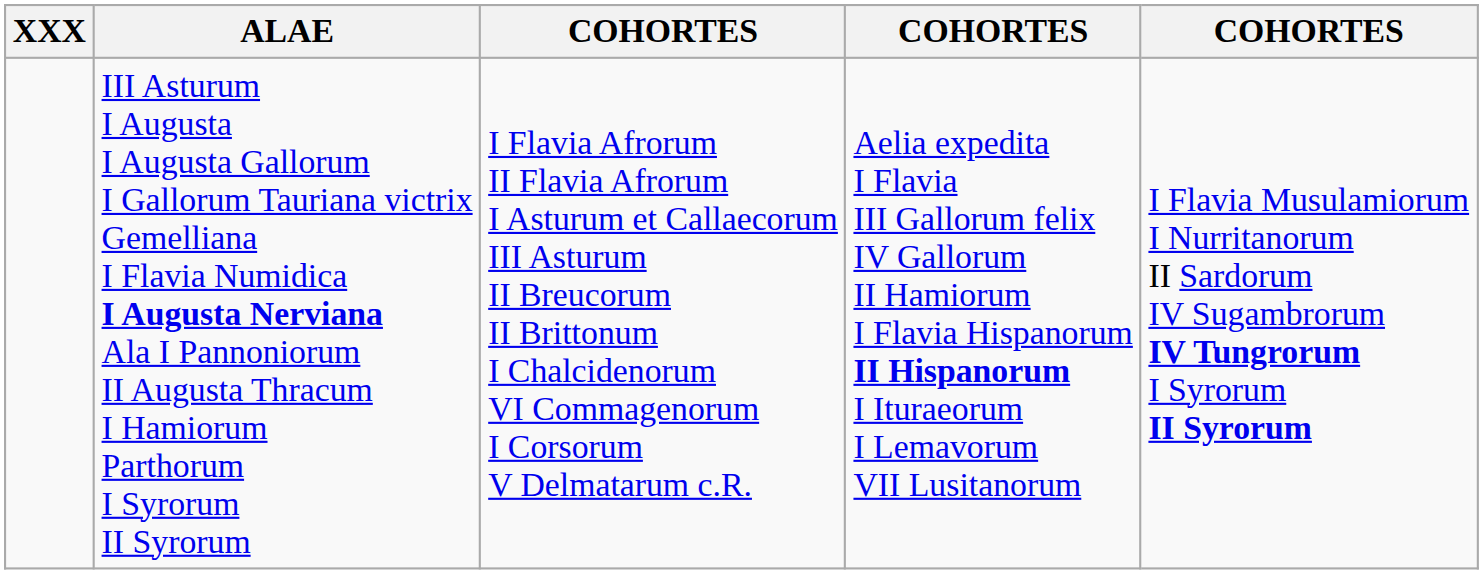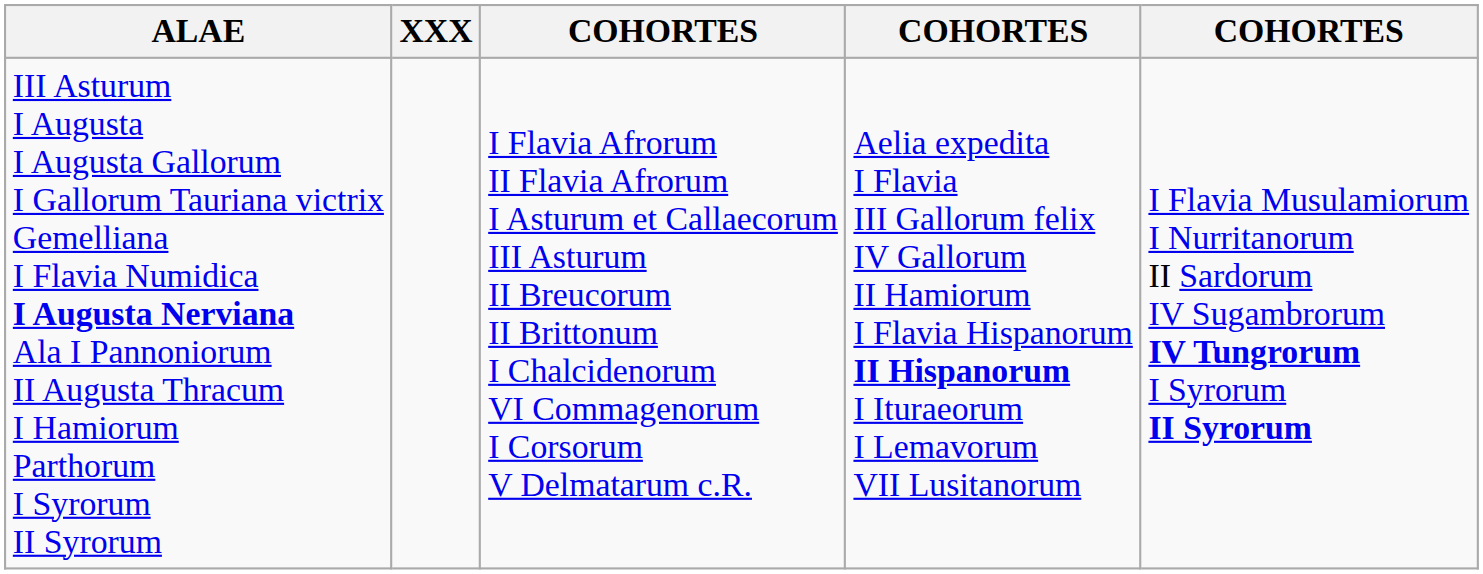 <table class=wikitable>
 <tr>
+<th>ALAE</th>
 <th>XXX</th>
-<th>ALAE</th>
 <th>COHORTES</th>
 <th>COHORTES</th>
 <th>COHORTES</th>
 </tr>
 <tr>
+<td><a href='#'>III Asturum</a><br><a href='#'>I Augusta</a> <br><a href='#'>I Augusta Gallorum</a><br><a href='#'>I Gallorum Tauriana victrix</a><br><a href='#'>Gemelliana</a> <br><a href='#'>I Flavia Numidica</a> <br><strong><a href='#'>I Augusta Nerviana</a></strong><br> <a href='#'>Ala I Pannoniorum</a><br><a href='#'>II Augusta Thracum</a><br><a href='#'>I Hamiorum</a>  <br><a href='#'>Parthorum</a>  <br><a href='#'>I Syrorum</a>  <br><a href='#'>II Syrorum</a>  </td>
 <td></td>
-<td><a href='#'>III Asturum</a><br><a href='#'>I Augusta</a> <br><a href='#'>I Augusta Gallorum</a><br><a href='#'>I Gallorum Tauriana victrix</a><br><a href='#'>Gemelliana</a> <br><a href='#'>I Flavia Numidica</a> <br><strong><a href='#'>I Augusta Nerviana</a></strong><br> <a href='#'>Ala I Pannoniorum</a><br><a href='#'>II Augusta Thracum</a><br><a href='#'>I Hamiorum</a>  <br><a href='#'>Parthorum</a>  <br><a href='#'>I Syrorum</a>  <br><a href='#'>II Syrorum</a>  </td>
 <td><a href='#'>I Flavia Afrorum</a><br><a href='#'>II Flavia Afrorum</a><br><a href='#'>I Asturum et Callaecorum</a><br><a href='#'>III Asturum</a>  <br><a href='#'>II Breucorum</a><br><a href='#'>II Brittonum</a>  <br><a href='#'>I Chalcidenorum</a> <br><a href='#'>VI Commagenorum</a> <br><a href='#'>I Corsorum</a> <br><a href='#'>V Delmatarum c.R.</a><br></td>
 <td><a href='#'>Aelia expedita</a><br><a href='#'>I Flavia</a> <br><a href='#'>III Gallorum felix</a><br><a href='#'>IV Gallorum</a> <br><a href='#'>II Hamiorum</a><br><a href='#'>I Flavia Hispanorum</a><br><strong><a href='#'>II Hispanorum</a>  </strong><br><a href='#'>I Ituraeorum</a> <br><a href='#'>I Lemavorum</a> <br><a href='#'>VII Lusitanorum</a> </td>
 <td><a href='#'>I Flavia Musulamiorum</a> <br><a href='#'>I Nurritanorum</a><br>II <a href='#'>Sardorum</a><br><a href='#'>IV Sugambrorum</a><br><strong><a href='#'>IV Tungrorum</a></strong><br><a href='#'>I Syrorum</a>   <br><strong><a href='#'>II Syrorum</a>   </strong></td>
 </tr>
 </table>
